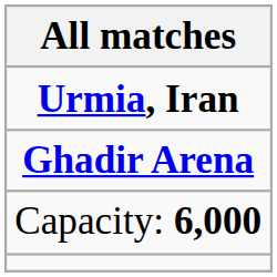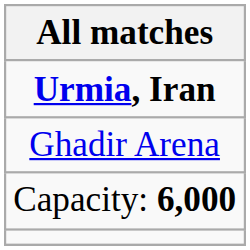 <table class="wikitable" style="text-align:center;">
 <tr>
 <th colspan=2>All matches</th>
 </tr>
 <tr>
 <td><strong><a href='#'>Urmia</a>, Iran</strong></td>
 </tr>
 <tr>
-<td><strong><a href='#'>Ghadir Arena</a></strong></td>
+<td><a href='#'>Ghadir Arena</a></td>
 </tr>
 <tr>
 <td>Capacity: <strong>6,000</strong></td>
 </tr>
 <tr>
 <td></td>
 </tr>
 <tr>
 </tr>
 </table>
